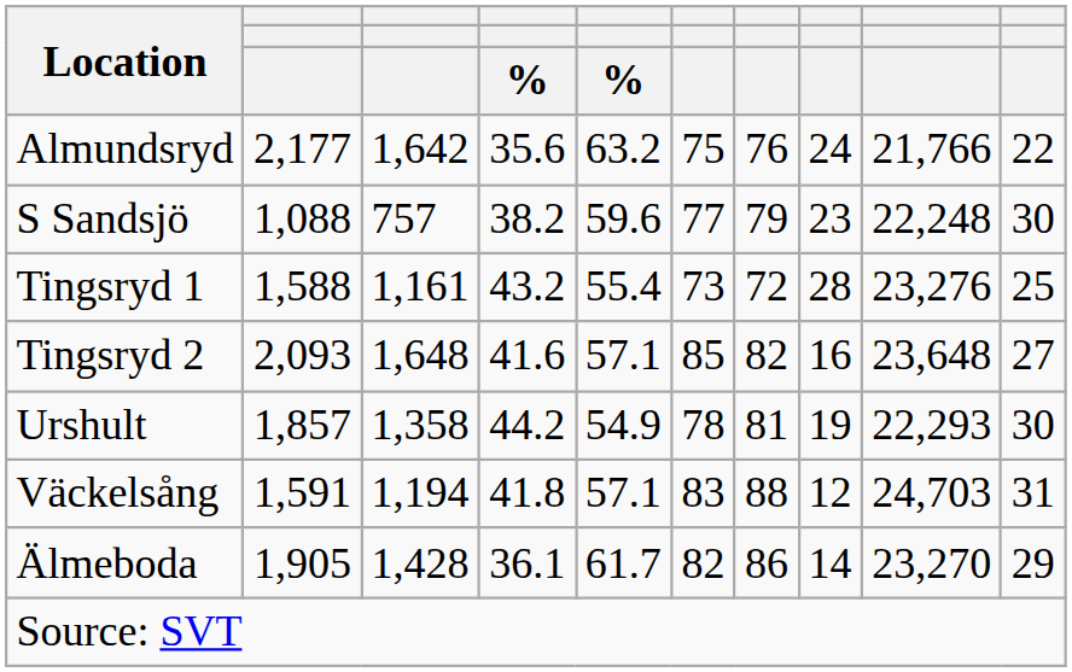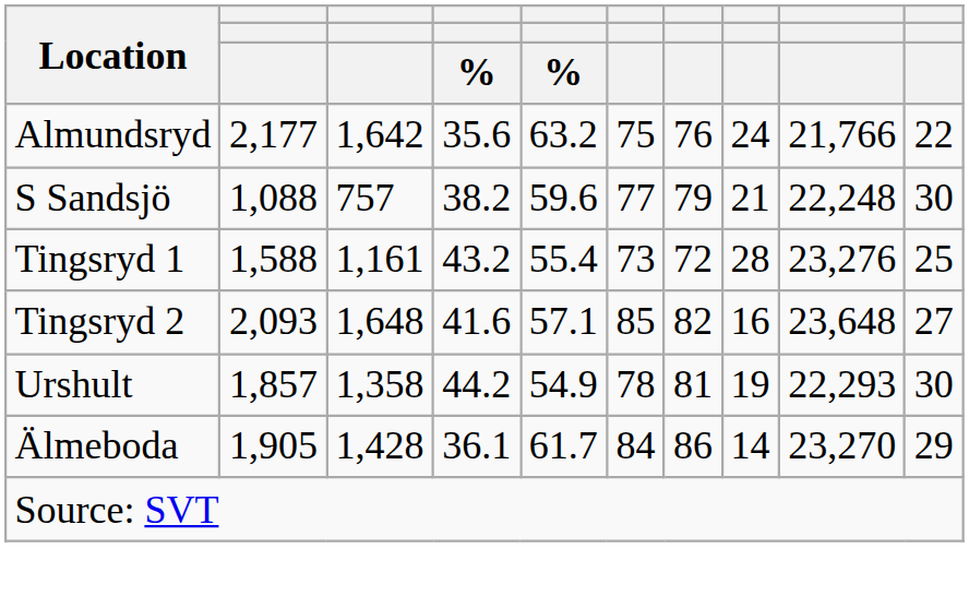 <table role="presentation" class="wikitable sortable mw-collapsible">
 <tr>
 <th rowspan="3">Location</th>
 <th></th>
 <th></th>
 <th></th>
 <th></th>
 <th></th>
 <th></th>
 <th></th>
 <th></th>
 <th></th>
 </tr>
 <tr>
 <th></th>
 <th></th>
 <th style="background:"></th>
 <th style="background:"></th>
 <th></th>
 <th></th>
 <th></th>
 <th></th>
 <th></th>
 </tr>
 <tr>
 <th data-sort-type="number"></th>
 <th data-sort-type="number"></th>
 <th data-sort-type="number">%</th>
 <th data-sort-type="number">%</th>
 <th data-sort-type="number"></th>
 <th data-sort-type="number"></th>
 <th data-sort-type="number"></th>
 <th data-sort-type="number"></th>
 <th data-sort-type="number"></th>
 </tr>
 <tr>
 <td align="left">Almundsryd</td>
 <td>2,177</td>
 <td>1,642</td>
 <td>35.6</td>
 <td>63.2</td>
 <td>75</td>
 <td>76</td>
 <td>24</td>
 <td>21,766</td>
 <td>22</td>
 </tr>
 <tr>
 <td align="left">S Sandsjö</td>
 <td>1,088</td>
 <td>757</td>
 <td>38.2</td>
 <td>59.6</td>
 <td>77</td>
 <td>79</td>
-<td>23</td>
+<td>21</td>
 <td>22,248</td>
 <td>30</td>
 </tr>
 <tr>
 <td align="left">Tingsryd 1</td>
 <td>1,588</td>
 <td>1,161</td>
 <td>43.2</td>
 <td>55.4</td>
 <td>73</td>
 <td>72</td>
 <td>28</td>
 <td>23,276</td>
 <td>25</td>
 </tr>
 <tr>
 <td align="left">Tingsryd 2</td>
 <td>2,093</td>
 <td>1,648</td>
 <td>41.6</td>
 <td>57.1</td>
 <td>85</td>
 <td>82</td>
 <td>16</td>
 <td>23,648</td>
 <td>27</td>
 </tr>
 <tr>
 <td align="left">Urshult</td>
 <td>1,857</td>
 <td>1,358</td>
 <td>44.2</td>
 <td>54.9</td>
 <td>78</td>
 <td>81</td>
 <td>19</td>
 <td>22,293</td>
 <td>30</td>
 </tr>
 <tr>
-<td align="left">Väckelsång</td>
-<td>1,591</td>
-<td>1,194</td>
-<td>41.8</td>
-<td>57.1</td>
-<td>83</td>
-<td>88</td>
-<td>12</td>
-<td>24,703</td>
-<td>31</td>
-</tr>
-<tr>
 <td align="left">Älmeboda</td>
 <td>1,905</td>
 <td>1,428</td>
 <td>36.1</td>
 <td>61.7</td>
-<td>82</td>
+<td>84</td>
 <td>86</td>
 <td>14</td>
 <td>23,270</td>
 <td>29</td>
 </tr>
 <tr>
 <td colspan="10" align="left">Source: <a href='#'>SVT</a></td>
 </tr>
 </table>
